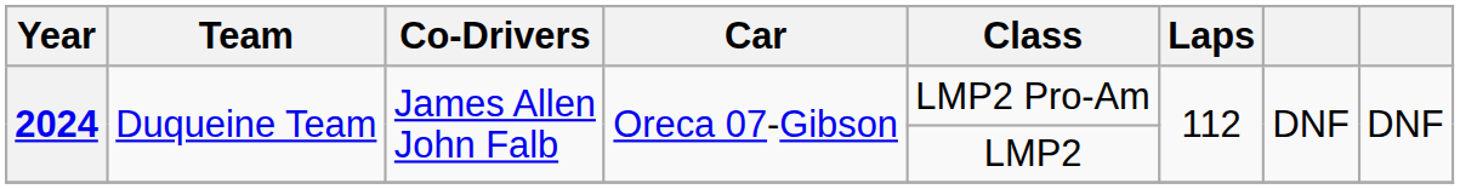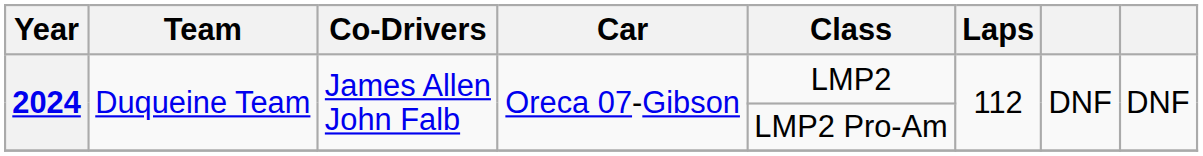 <table class="wikitable" style="text-align:center; font-size:90%">
 <tr>
 <th>Year</th>
 <th>Team</th>
 <th>Co-Drivers</th>
 <th>Car</th>
 <th>Class</th>
 <th>Laps</th>
 <th></th>
 <th></th>
 </tr>
 <tr>
 <th rowspan="2"><a href='#'>2024</a></th>
 <td rowspan="2" align="left"> <a href='#'>Duqueine Team</a></td>
 <td rowspan="2" align="left"> <a href='#'>James Allen</a><br> <a href='#'>John Falb</a></td>
 <td rowspan="2" align="left"><a href='#'>Oreca 07</a>-<a href='#'>Gibson</a></td>
-<td>LMP2 Pro-Am</td>
+<td>LMP2</td>
 <td rowspan="2">112</td>
 <td rowspan="2">DNF</td>
 <td rowspan="2">DNF</td>
 </tr>
 <tr>
-<td>LMP2</td>
+<td>LMP2 Pro-Am</td>
 </tr>
 <tr>
 </tr>
 </table>
